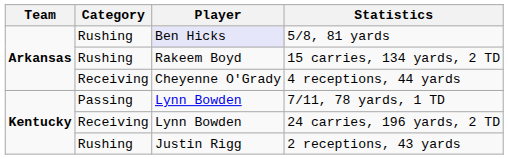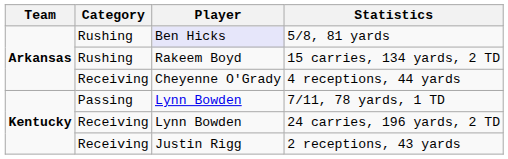 <table class="wikitable" style="float: right;">
 <tr>
 <th>Team</th>
 <th>Category</th>
 <th>Player</th>
 <th>Statistics</th>
 </tr>
 <tr>
 <td rowspan=3><strong>Arkansas</strong></td>
 <td>Rushing</td>
 <td style="background: lavender;">Ben Hicks</td>
 <td>5/8, 81 yards</td>
 </tr>
 <tr>
 <td>Rushing</td>
 <td>Rakeem Boyd</td>
 <td>15 carries, 134 yards, 2 TD</td>
 </tr>
 <tr>
 <td>Receiving</td>
 <td>Cheyenne O'Grady</td>
 <td>4 receptions, 44 yards</td>
 </tr>
 <tr>
 <td rowspan=3><strong>Kentucky</strong></td>
 <td>Passing</td>
 <td><a href='#'>Lynn Bowden</a></td>
 <td>7/11, 78 yards, 1 TD</td>
 </tr>
 <tr>
 <td>Receiving</td>
 <td>Lynn Bowden</td>
 <td>24 carries, 196 yards, 2 TD</td>
 </tr>
 <tr>
-<td>Rushing</td>
+<td>Receiving</td>
 <td>Justin Rigg</td>
 <td>2 receptions, 43 yards</td>
 </tr>
 </table>
